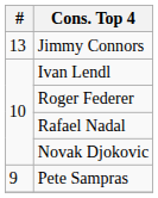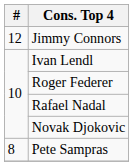 <table class="wikitable" style="display:inline-table;">
 <tr>
 <th width=20>#</th>
 <th>Cons. Top 4</th>
 </tr>
 <tr>
-<td>13</td>
+<td>12</td>
 <td> Jimmy Connors</td>
 </tr>
 <tr>
 <td rowspan="4">10</td>
 <td> Ivan Lendl</td>
 </tr>
 <tr>
 <td> Roger Federer</td>
 </tr>
 <tr>
 <td> Rafael Nadal</td>
 </tr>
 <tr>
 <td> Novak Djokovic</td>
 </tr>
 <tr>
-<td>9</td>
+<td>8</td>
 <td> Pete Sampras</td>
 </tr>
 <tr>
 </tr>
 </table>
